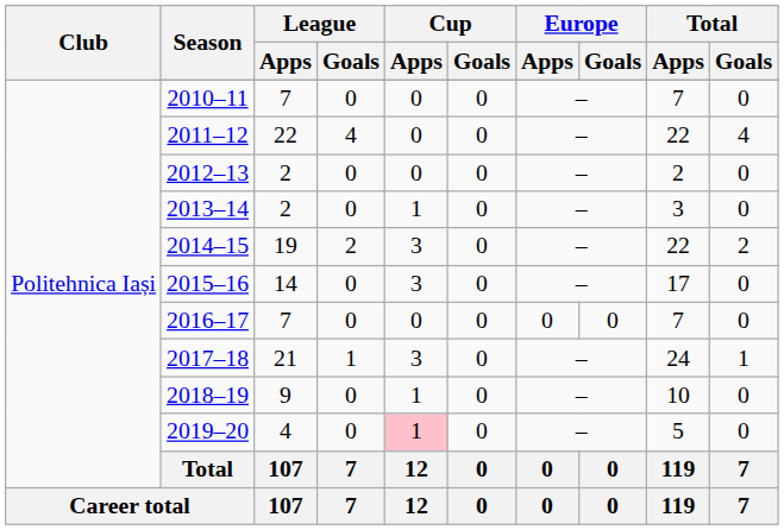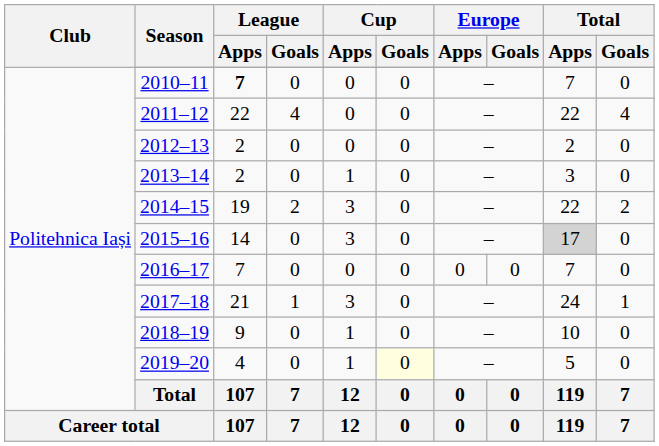 <table class="wikitable" style="text-align:center">
 <tr>
 <th rowspan="2">Club</th>
 <th rowspan="2">Season</th>
 <th colspan="2">League</th>
 <th colspan="2">Cup</th>
 <th colspan="2"><a href='#'>Europe</a></th>
 <th colspan="3">Total</th>
 </tr>
 <tr>
 <th>Apps</th>
 <th>Goals</th>
 <th>Apps</th>
 <th>Goals</th>
 <th>Apps</th>
 <th>Goals</th>
 <th>Apps</th>
 <th>Goals</th>
 </tr>
 <tr>
 <td rowspan="12" valign="center"><a href='#'>Politehnica Iași</a></td>
 </tr>
 <tr>
 <td><a href='#'>2010–11</a></td>
-<td>7</td>
+<td><strong>7</strong></td>
 <td>0</td>
 <td>0</td>
 <td>0</td>
 <td rowspan=1 colspan="2">–</td>
 <td>7</td>
 <td>0</td>
 </tr>
 <tr>
 <td><a href='#'>2011–12</a></td>
 <td>22</td>
 <td>4</td>
 <td>0</td>
 <td>0</td>
 <td rowspan=1 colspan="2">–</td>
 <td>22</td>
 <td>4</td>
 </tr>
 <tr>
 <td><a href='#'>2012–13</a></td>
 <td>2</td>
 <td>0</td>
 <td>0</td>
 <td>0</td>
 <td rowspan=1 colspan="2">–</td>
 <td>2</td>
 <td>0</td>
 </tr>
 <tr>
 <td><a href='#'>2013–14</a></td>
 <td>2</td>
 <td>0</td>
 <td>1</td>
 <td>0</td>
 <td rowspan=1 colspan="2">–</td>
 <td>3</td>
 <td>0</td>
 </tr>
 <tr>
 <td><a href='#'>2014–15</a></td>
 <td>19</td>
 <td>2</td>
 <td>3</td>
 <td>0</td>
 <td rowspan=1 colspan="2">–</td>
 <td>22</td>
 <td>2</td>
 </tr>
 <tr>
 <td><a href='#'>2015–16</a></td>
 <td>14</td>
 <td>0</td>
 <td>3</td>
 <td>0</td>
 <td rowspan=1 colspan="2">–</td>
-<td>17</td>
+<td style="background: lightgrey;">17</td>
 <td>0</td>
 </tr>
 <tr>
 <td><a href='#'>2016–17</a></td>
 <td>7</td>
 <td>0</td>
 <td>0</td>
 <td>0</td>
 <td>0</td>
 <td>0</td>
 <td>7</td>
 <td>0</td>
 </tr>
 <tr>
 <td><a href='#'>2017–18</a></td>
 <td>21</td>
 <td>1</td>
 <td>3</td>
 <td>0</td>
 <td rowspan=1 colspan="2">–</td>
 <td>24</td>
 <td>1</td>
 </tr>
 <tr>
 <td><a href='#'>2018–19</a></td>
 <td>9</td>
 <td>0</td>
 <td>1</td>
 <td>0</td>
 <td rowspan=1 colspan="2">–</td>
 <td>10</td>
 <td>0</td>
 </tr>
 <tr>
 <td><a href='#'>2019–20</a></td>
 <td>4</td>
 <td>0</td>
-<td style="background: pink;">1</td>
-<td>0</td>
+<td>1</td>
+<td style="background: lightyellow;">0</td>
 <td rowspan=1 colspan="2">–</td>
 <td>5</td>
 <td>0</td>
 </tr>
 <tr>
 <th>Total</th>
 <th>107</th>
 <th>7</th>
 <th>12</th>
 <th>0</th>
 <th>0</th>
 <th>0</th>
 <th>119</th>
 <th>7</th>
 </tr>
 <tr>
 <th colspan="2">Career total</th>
 <th>107</th>
 <th>7</th>
 <th>12</th>
 <th>0</th>
 <th>0</th>
 <th>0</th>
 <th>119</th>
 <th>7</th>
 </tr>
 </table>
